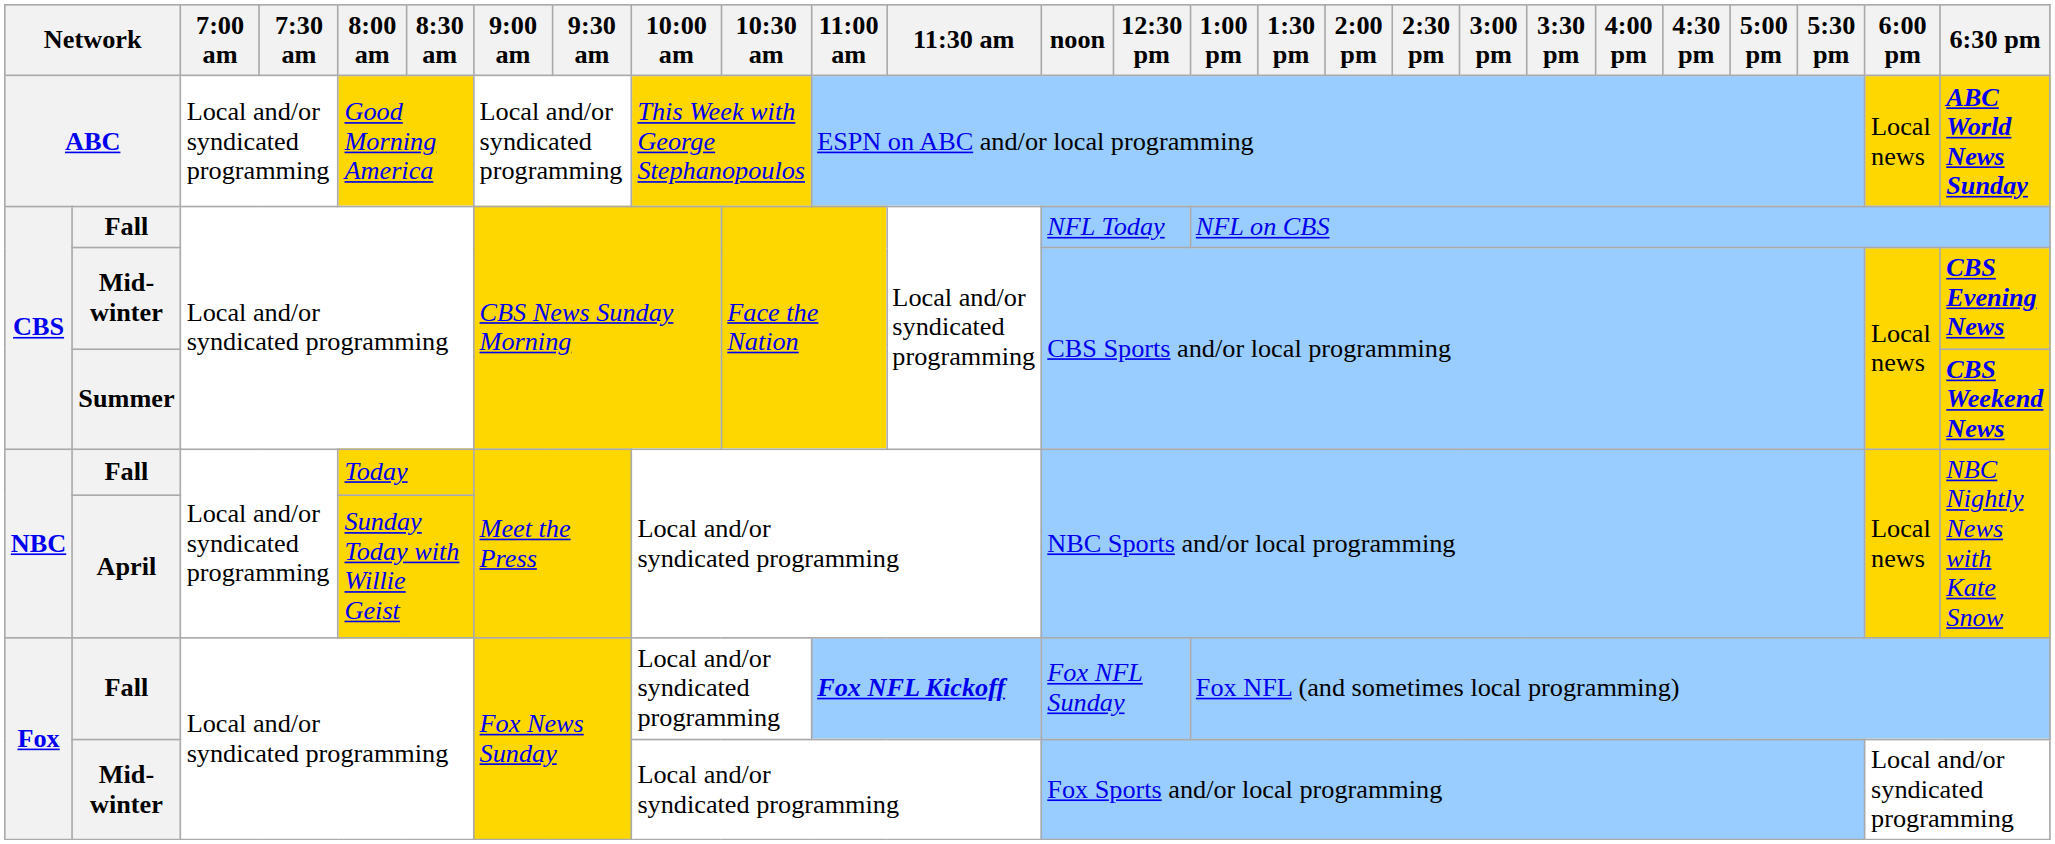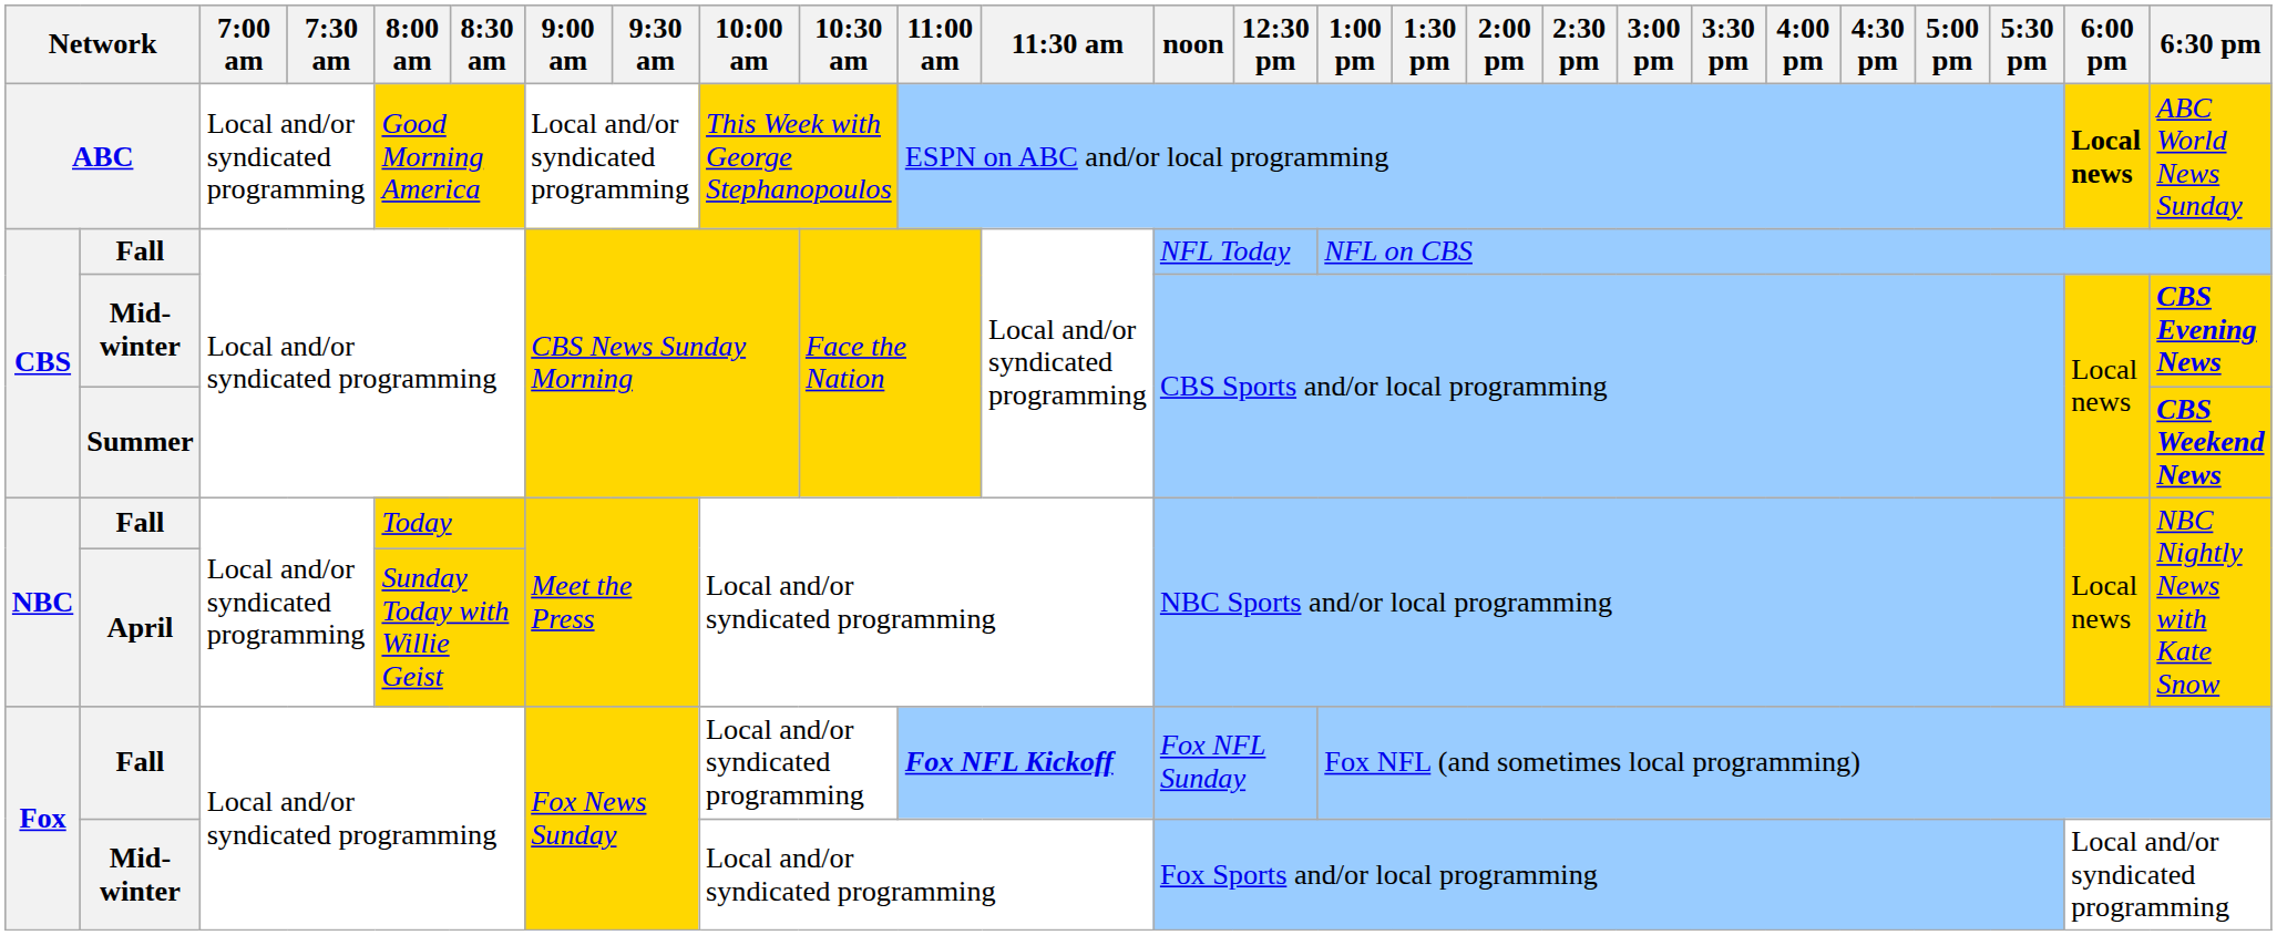 <table class=wikitable>
 <tr>
 <th width="1.5%" bgcolor="#C0C0C0" colspan="2">Network</th>
 <th width="4%" bgcolor="#C0C0C0">7:00 am</th>
 <th width="4%" bgcolor="#C0C0C0">7:30 am</th>
 <th width="4%" bgcolor="#C0C0C0">8:00 am</th>
 <th width="4%" bgcolor="#C0C0C0">8:30 am</th>
 <th width="4%" bgcolor="#C0C0C0">9:00 am</th>
 <th width="4%" bgcolor="#C0C0C0">9:30 am</th>
 <th width="4%" bgcolor="#C0C0C0">10:00 am</th>
 <th width="4%" bgcolor="#C0C0C0">10:30 am</th>
 <th width="4%" bgcolor="#C0C0C0">11:00 am</th>
 <th width="4%" bgcolor="#C0C0C0">11:30 am</th>
 <th width="4%" bgcolor="#C0C0C0">noon</th>
 <th width="4%" bgcolor="#C0C0C0">12:30 pm</th>
 <th width="4%" bgcolor="#C0C0C0">1:00 pm</th>
 <th width="4%" bgcolor="#C0C0C0">1:30 pm</th>
 <th width="4%" bgcolor="#C0C0C0">2:00 pm</th>
 <th width="4%" bgcolor="#C0C0C0">2:30 pm</th>
 <th width="4%" bgcolor="#C0C0C0">3:00 pm</th>
 <th width="4%" bgcolor="#C0C0C0">3:30 pm</th>
 <th width="4%" bgcolor="#C0C0C0">4:00 pm</th>
 <th width="4%" bgcolor="#C0C0C0">4:30 pm</th>
 <th width="4%" bgcolor="#C0C0C0">5:00 pm</th>
 <th width="4%" bgcolor="#C0C0C0">5:30 pm</th>
 <th width="4%" bgcolor="#C0C0C0">6:00 pm</th>
 <th width="4%" bgcolor="#C0C0C0">6:30 pm</th>
 </tr>
 <tr>
 <th bgcolor="#C0C0C0" colspan="2"><a href='#'>ABC</a></th>
 <td bgcolor="white" colspan="2">Local and/or<br>syndicated programming</td>
 <td bgcolor="gold" colspan="2"><em><a href='#'>Good Morning America</a></em></td>
 <td bgcolor="white" colspan="2">Local and/or<br>syndicated programming</td>
 <td bgcolor="gold" colspan="2"><em><a href='#'>This Week with George Stephanopoulos</a></em></td>
 <td bgcolor="99ccff" colspan="14"><a href='#'>ESPN on ABC</a> and/or local programming</td>
-<td bgcolor="gold">Local news</td>
-<td bgcolor="gold"><strong><em><a href='#'>ABC World News Sunday</a></em></strong></td>
+<td bgcolor="gold"><strong>Local news</strong></td>
+<td bgcolor="gold"><em><a href='#'>ABC World News Sunday</a></em></td>
 </tr>
 <tr>
 <th bgcolor="#C0C0C0" rowspan="3"><a href='#'>CBS</a></th>
 <th>Fall</th>
 <td bgcolor="white" colspan="4"rowspan="3">Local and/or<br>syndicated programming</td>
 <td bgcolor="gold" colspan="3"rowspan="3"><em><a href='#'>CBS News Sunday Morning</a></em></td>
 <td bgcolor="gold" colspan="2"rowspan="3"><em><a href='#'>Face the Nation</a></em></td>
 <td bgcolor="white" colspan="1"rowspan="3">Local and/or<br>syndicated programming</td>
 <td bgcolor="99ccff" colspan="2" rowspan="1"><em><a href='#'>NFL Today</a></em></td>
 <td bgcolor="99ccff" colspan="12" rowspan="1"><em><a href='#'>NFL on CBS</a></em></td>
 </tr>
 <tr>
 <th>Mid-winter</th>
 <td bgcolor="99ccff" colspan="12" rowspan="2"><a href='#'>CBS Sports</a> and/or local programming</td>
 <td bgcolor="gold" rowspan="2">Local news</td>
 <td bgcolor="gold" rowspan="1"><strong><em><a href='#'>CBS Evening News</a></em></strong></td>
 </tr>
 <tr>
 <th>Summer</th>
 <td bgcolor=gold rowspan=1><strong><em><a href='#'>CBS Weekend News</a></em></strong></td>
 </tr>
 <tr>
 <th bgcolor="#C0C0C0" rowspan="2"><a href='#'>NBC</a></th>
 <th>Fall</th>
 <td bgcolor="white" colspan="2"rowspan="2">Local and/or<br>syndicated programming</td>
 <td bgcolor="gold" colspan="2"><em><a href='#'>Today</a></em></td>
 <td bgcolor="gold" colspan="2"rowspan="2"><em><a href='#'>Meet the Press</a></em></td>
 <td bgcolor="white" colspan="4"rowspan="2">Local and/or<br>syndicated programming</td>
 <td bgcolor="99ccff" colspan="12"rowspan="2"><a href='#'>NBC Sports</a> and/or local programming</td>
 <td bgcolor="gold"rowspan="2">Local news</td>
 <td bgcolor="gold"rowspan="2"><em><a href='#'>NBC Nightly News with Kate Snow</a></em></td>
 </tr>
 <tr>
 <th>April</th>
 <td bgcolor="gold" colspan="2"><em><a href='#'>Sunday Today with Willie Geist</a></em></td>
 </tr>
 <tr>
 <th bgcolor="#C0C0C0" rowspan="2"><a href='#'>Fox</a></th>
 <th>Fall</th>
 <td bgcolor="white" colspan="4" rowspan="2">Local and/or<br>syndicated programming</td>
 <td bgcolor="gold" colspan="2" rowspan="2"><em><a href='#'>Fox News Sunday</a></em></td>
 <td bgcolor="white" colspan="2">Local and/or<br>syndicated programming</td>
 <td bgcolor="99ccff" colspan="2"><strong><em><a href='#'>Fox NFL Kickoff</a></em></strong></td>
 <td bgcolor="99ccff" colspan="2"><em><a href='#'>Fox NFL Sunday</a></em></td>
 <td bgcolor="99ccff" colspan="12"><a href='#'>Fox NFL</a> (and sometimes local programming)</td>
 </tr>
 <tr>
 <th>Mid-winter</th>
 <td bgcolor="white" colspan="4">Local and/or<br>syndicated programming</td>
 <td bgcolor="99ccff" colspan="12"><a href='#'>Fox Sports</a> and/or local programming</td>
 <td bgcolor="white" colspan="2">Local and/or<br>syndicated programming</td>
 </tr>
 </table>
